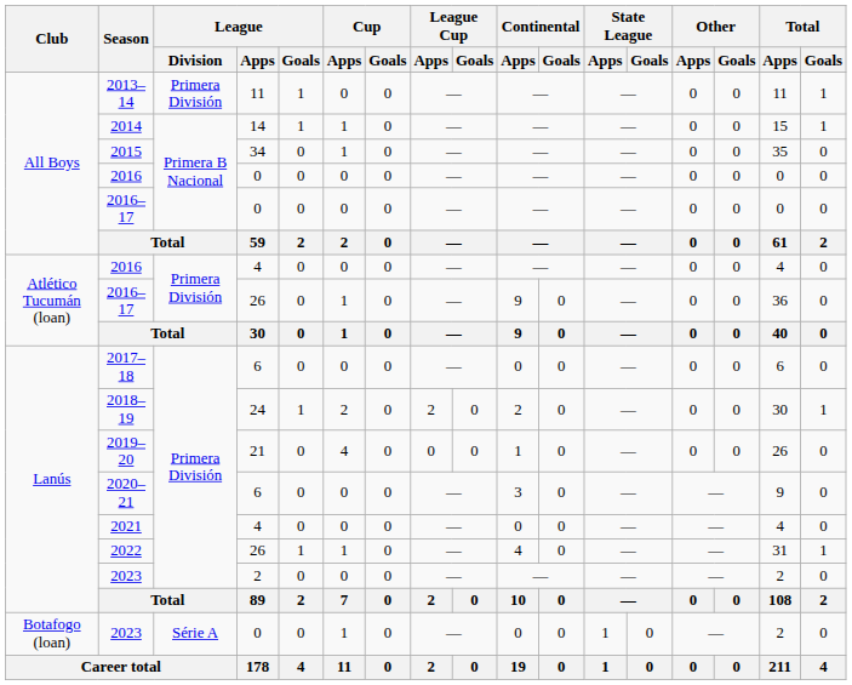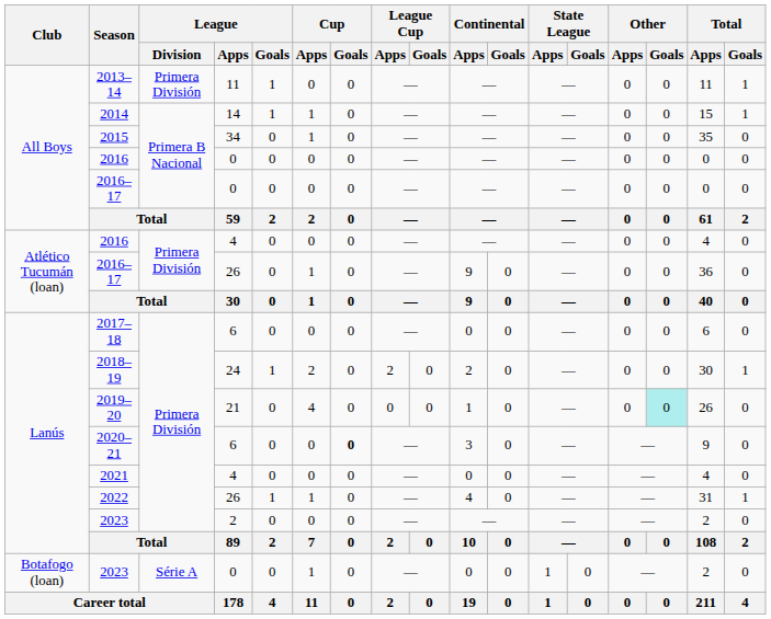 <table class="wikitable" style="text-align:center">
 <tr>
 <th rowspan="2">Club</th>
 <th rowspan="2">Season</th>
 <th colspan="3">League</th>
 <th colspan="2">Cup</th>
 <th colspan="2">League Cup</th>
 <th colspan="2">Continental</th>
 <th colspan="2">State League</th>
 <th colspan="2">Other</th>
 <th colspan="2">Total</th>
 </tr>
 <tr>
 <th>Division</th>
 <th>Apps</th>
 <th>Goals</th>
 <th>Apps</th>
 <th>Goals</th>
 <th>Apps</th>
 <th>Goals</th>
 <th>Apps</th>
 <th>Goals</th>
 <th>Apps</th>
 <th>Goals</th>
 <th>Apps</th>
 <th>Goals</th>
 <th>Apps</th>
 <th>Goals</th>
 </tr>
 <tr>
 <td rowspan="6"><a href='#'>All Boys</a></td>
 <td><a href='#'>2013–14</a></td>
 <td rowspan="1"><a href='#'>Primera División</a></td>
 <td>11</td>
 <td>1</td>
 <td>0</td>
 <td>0</td>
 <td colspan="2">—</td>
 <td colspan="2">—</td>
 <td colspan="2">—</td>
 <td>0</td>
 <td>0</td>
 <td>11</td>
 <td>1</td>
 </tr>
 <tr>
 <td><a href='#'>2014</a></td>
 <td rowspan="4"><a href='#'>Primera B Nacional</a></td>
 <td>14</td>
 <td>1</td>
 <td>1</td>
 <td>0</td>
 <td colspan="2">—</td>
 <td colspan="2">—</td>
 <td colspan="2">—</td>
 <td>0</td>
 <td>0</td>
 <td>15</td>
 <td>1</td>
 </tr>
 <tr>
 <td><a href='#'>2015</a></td>
 <td>34</td>
 <td>0</td>
 <td>1</td>
 <td>0</td>
 <td colspan="2">—</td>
 <td colspan="2">—</td>
 <td colspan="2">—</td>
 <td>0</td>
 <td>0</td>
 <td>35</td>
 <td>0</td>
 </tr>
 <tr>
 <td><a href='#'>2016</a></td>
 <td>0</td>
 <td>0</td>
 <td>0</td>
 <td>0</td>
 <td colspan="2">—</td>
 <td colspan="2">—</td>
 <td colspan="2">—</td>
 <td>0</td>
 <td>0</td>
 <td>0</td>
 <td>0</td>
 </tr>
 <tr>
 <td><a href='#'>2016–17</a></td>
 <td>0</td>
 <td>0</td>
 <td>0</td>
 <td>0</td>
 <td colspan="2">—</td>
 <td colspan="2">—</td>
 <td colspan="2">—</td>
 <td>0</td>
 <td>0</td>
 <td>0</td>
 <td>0</td>
 </tr>
 <tr>
 <th colspan="2">Total</th>
 <th>59</th>
 <th>2</th>
 <th>2</th>
 <th>0</th>
 <th colspan="2">—</th>
 <th colspan="2">—</th>
 <th colspan="2">—</th>
 <th>0</th>
 <th>0</th>
 <th>61</th>
 <th>2</th>
 </tr>
 <tr>
 <td rowspan="3"><a href='#'>Atlético Tucumán</a> (loan)</td>
 <td><a href='#'>2016</a></td>
 <td rowspan="2"><a href='#'>Primera División</a></td>
 <td>4</td>
 <td>0</td>
 <td>0</td>
 <td>0</td>
 <td colspan="2">—</td>
 <td colspan="2">—</td>
 <td colspan="2">—</td>
 <td>0</td>
 <td>0</td>
 <td>4</td>
 <td>0</td>
 </tr>
 <tr>
 <td><a href='#'>2016–17</a></td>
 <td>26</td>
 <td>0</td>
 <td>1</td>
 <td>0</td>
 <td colspan="2">—</td>
 <td>9</td>
 <td>0</td>
 <td colspan="2">—</td>
 <td>0</td>
 <td>0</td>
 <td>36</td>
 <td>0</td>
 </tr>
 <tr>
 <th colspan="2">Total</th>
 <th>30</th>
 <th>0</th>
 <th>1</th>
 <th>0</th>
 <th colspan="2">—</th>
 <th>9</th>
 <th>0</th>
 <th colspan="2">—</th>
 <th>0</th>
 <th>0</th>
 <th>40</th>
 <th>0</th>
 </tr>
 <tr>
 <td rowspan="8"><a href='#'>Lanús</a></td>
 <td><a href='#'>2017–18</a></td>
 <td rowspan="7"><a href='#'>Primera División</a></td>
 <td>6</td>
 <td>0</td>
 <td>0</td>
 <td>0</td>
 <td colspan="2">—</td>
 <td>0</td>
 <td>0</td>
 <td colspan="2">—</td>
 <td>0</td>
 <td>0</td>
 <td>6</td>
 <td>0</td>
 </tr>
 <tr>
 <td><a href='#'>2018–19</a></td>
 <td>24</td>
 <td>1</td>
 <td>2</td>
 <td>0</td>
 <td>2</td>
 <td>0</td>
 <td>2</td>
 <td>0</td>
 <td colspan="2">—</td>
 <td>0</td>
 <td>0</td>
 <td>30</td>
 <td>1</td>
 </tr>
 <tr>
 <td><a href='#'>2019–20</a></td>
 <td>21</td>
 <td>0</td>
 <td>4</td>
 <td>0</td>
 <td>0</td>
 <td>0</td>
 <td>1</td>
 <td>0</td>
 <td colspan="2">—</td>
 <td>0</td>
-<td>0</td>
+<td style="background: paleturquoise;">0</td>
 <td>26</td>
 <td>0</td>
 </tr>
 <tr>
 <td><a href='#'>2020–21</a></td>
 <td>6</td>
 <td>0</td>
 <td>0</td>
-<td>0</td>
+<td><strong>0</strong></td>
 <td colspan="2">—</td>
 <td>3</td>
 <td>0</td>
 <td colspan="2">—</td>
 <td colspan="2">—</td>
 <td>9</td>
 <td>0</td>
 </tr>
 <tr>
 <td><a href='#'>2021</a></td>
 <td>4</td>
 <td>0</td>
 <td>0</td>
 <td>0</td>
 <td colspan="2">—</td>
 <td>0</td>
 <td>0</td>
 <td colspan="2">—</td>
 <td colspan="2">—</td>
 <td>4</td>
 <td>0</td>
 </tr>
 <tr>
 <td><a href='#'>2022</a></td>
 <td>26</td>
 <td>1</td>
 <td>1</td>
 <td>0</td>
 <td colspan="2">—</td>
 <td>4</td>
 <td>0</td>
 <td colspan="2">—</td>
 <td colspan="2">—</td>
 <td>31</td>
 <td>1</td>
 </tr>
 <tr>
 <td><a href='#'>2023</a></td>
 <td>2</td>
 <td>0</td>
 <td>0</td>
 <td>0</td>
 <td colspan="2">—</td>
 <td colspan="2">—</td>
 <td colspan="2">—</td>
 <td colspan="2">—</td>
 <td>2</td>
 <td>0</td>
 </tr>
 <tr>
 <th colspan="2">Total</th>
 <th>89</th>
 <th>2</th>
 <th>7</th>
 <th>0</th>
 <th>2</th>
 <th>0</th>
 <th>10</th>
 <th>0</th>
 <th colspan="2">—</th>
 <th>0</th>
 <th>0</th>
 <th>108</th>
 <th>2</th>
 </tr>
 <tr>
 <td><a href='#'>Botafogo</a> (loan)</td>
 <td><a href='#'>2023</a></td>
 <td><a href='#'>Série A</a></td>
 <td>0</td>
 <td>0</td>
 <td>1</td>
 <td>0</td>
 <td colspan="2">—</td>
 <td>0</td>
 <td>0</td>
 <td>1</td>
 <td>0</td>
 <td colspan="2">—</td>
 <td>2</td>
 <td>0</td>
 </tr>
 <tr>
 <th colspan="3">Career total</th>
 <th>178</th>
 <th>4</th>
 <th>11</th>
 <th>0</th>
 <th>2</th>
 <th>0</th>
 <th>19</th>
 <th>0</th>
 <th>1</th>
 <th>0</th>
 <th>0</th>
 <th>0</th>
 <th>211</th>
 <th>4</th>
 </tr>
 </table>
